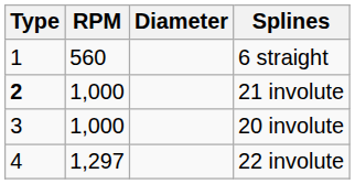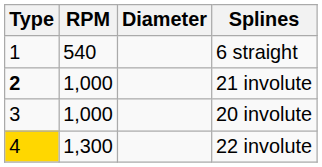 <table class="wikitable sortable">
 <tr>
 <th>Type</th>
 <th>RPM</th>
 <th>Diameter</th>
 <th>Splines</th>
 </tr>
 <tr>
 <td>1</td>
-<td>560</td>
+<td>540</td>
 <td></td>
 <td>6 straight</td>
 </tr>
 <tr>
 <td><strong>2</strong></td>
 <td>1,000</td>
 <td></td>
 <td>21 involute</td>
 </tr>
 <tr>
 <td>3</td>
 <td>1,000</td>
 <td></td>
 <td>20 involute</td>
 </tr>
 <tr>
-<td>4</td>
-<td>1,297</td>
+<td style="background: gold;">4</td>
+<td>1,300</td>
 <td></td>
 <td>22 involute</td>
 </tr>
 </table>
